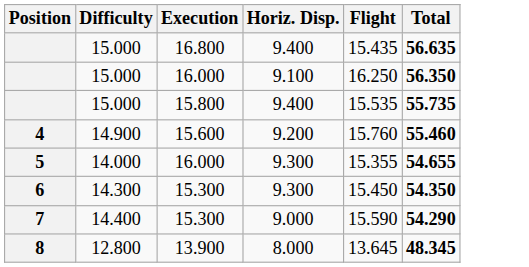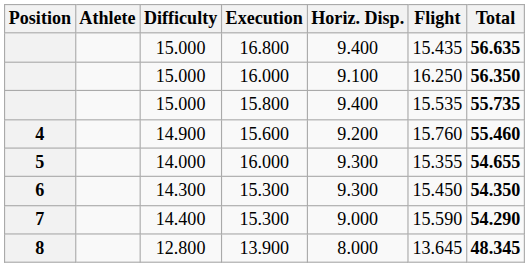 <table class="wikitable sortable" style="text-align:center;">
 <tr>
 <th>Position</th>
+<th>Athlete</th>
 <th>Difficulty</th>
 <th>Execution</th>
 <th>Horiz. Disp.</th>
 <th>Flight</th>
 <th>Total</th>
 </tr>
 <tr>
 <th></th>
+<td align="left"></td>
 <td>15.000</td>
 <td>16.800</td>
 <td>9.400</td>
 <td>15.435</td>
 <td><strong>56.635</strong></td>
 </tr>
 <tr>
 <th></th>
+<td align="left"></td>
 <td>15.000</td>
 <td>16.000</td>
 <td>9.100</td>
 <td>16.250</td>
 <td><strong>56.350</strong></td>
 </tr>
 <tr>
 <th></th>
+<td align=left></td>
 <td>15.000</td>
 <td>15.800</td>
 <td>9.400</td>
 <td>15.535</td>
 <td><strong>55.735</strong></td>
 </tr>
 <tr>
 <th>4</th>
+<td align="left"></td>
 <td>14.900</td>
 <td>15.600</td>
 <td>9.200</td>
 <td>15.760</td>
 <td><strong>55.460</strong></td>
 </tr>
 <tr>
 <th>5</th>
+<td align=left></td>
 <td>14.000</td>
 <td>16.000</td>
 <td>9.300</td>
 <td>15.355</td>
 <td><strong>54.655</strong></td>
 </tr>
 <tr>
 <th>6</th>
+<td align="left"></td>
 <td>14.300</td>
 <td>15.300</td>
 <td>9.300</td>
 <td>15.450</td>
 <td><strong>54.350</strong></td>
 </tr>
 <tr>
 <th>7</th>
+<td align="left"></td>
 <td>14.400</td>
 <td>15.300</td>
 <td>9.000</td>
 <td>15.590</td>
 <td><strong>54.290</strong></td>
 </tr>
 <tr>
 <th>8</th>
+<td align=left></td>
 <td>12.800</td>
 <td>13.900</td>
 <td>8.000</td>
 <td>13.645</td>
 <td><strong>48.345</strong></td>
 </tr>
 </table>
